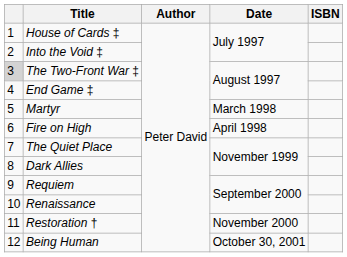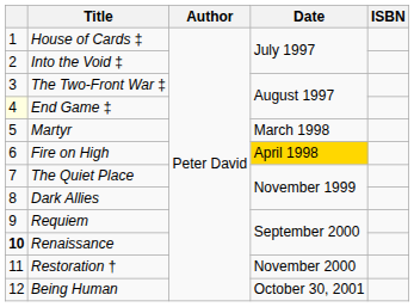 <table class="wikitable">
 <tr>
 <th></th>
 <th>Title</th>
 <th>Author</th>
 <th>Date</th>
 <th>ISBN</th>
 </tr>
 <tr>
 <td>1</td>
 <td><em>House of Cards</em> ‡</td>
 <td rowspan="12">Peter David</td>
 <td rowspan="2">July 1997</td>
 <td></td>
 </tr>
 <tr>
 <td>2</td>
 <td><em>Into the Void</em> ‡</td>
 <td></td>
 </tr>
 <tr>
-<td style="background: lightgrey;">3</td>
+<td>3</td>
 <td><em>The Two-Front War</em> ‡</td>
 <td rowspan="2">August 1997</td>
 <td></td>
 </tr>
 <tr>
-<td>4</td>
+<td style="background: lightyellow;">4</td>
 <td><em>End Game</em> ‡</td>
 <td></td>
 </tr>
 <tr>
 <td>5</td>
 <td><em>Martyr</em></td>
 <td>March 1998</td>
 <td></td>
 </tr>
 <tr>
 <td>6</td>
 <td><em>Fire on High</em></td>
-<td>April 1998</td>
+<td style="background: gold;">April 1998</td>
 <td></td>
 </tr>
 <tr>
 <td>7</td>
 <td><em>The Quiet Place</em></td>
 <td rowspan="2">November 1999</td>
 <td></td>
 </tr>
 <tr>
 <td>8</td>
 <td><em>Dark Allies</em></td>
 <td></td>
 </tr>
 <tr>
 <td>9</td>
 <td><em>Requiem</em></td>
 <td rowspan="2">September 2000</td>
 <td></td>
 </tr>
 <tr>
-<td>10</td>
+<td><strong>10</strong></td>
 <td><em>Renaissance</em></td>
 <td></td>
 </tr>
 <tr>
 <td>11</td>
 <td><em>Restoration</em> †</td>
 <td>November 2000</td>
 <td></td>
 </tr>
 <tr>
 <td>12</td>
 <td><em>Being Human</em></td>
 <td>October 30, 2001</td>
 <td></td>
 </tr>
 </table>
